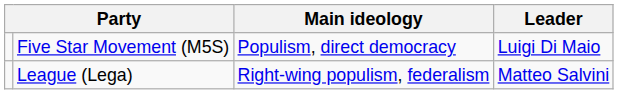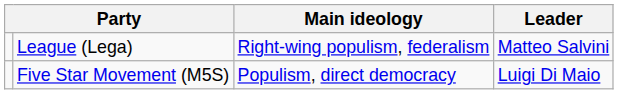 <table class="wikitable" style="font-size:95%">
 <tr>
 <th colspan=2>Party</th>
 <th>Main ideology</th>
 <th>Leader</th>
 </tr>
 <tr>
 <td style="color:inherit;background:"></td>
+<td><a href='#'>League</a> (Lega)</td>
+<td><a href='#'>Right-wing populism</a>, <a href='#'>federalism</a></td>
+<td><a href='#'>Matteo Salvini</a></td>
+</tr>
+<tr>
+<td style="color:inherit;background:"></td>
 <td><a href='#'>Five Star Movement</a> (M5S)</td>
 <td><a href='#'>Populism</a>, <a href='#'>direct democracy</a></td>
 <td><a href='#'>Luigi Di Maio</a></td>
 </tr>
-<tr>
-<td style="color:inherit;background:"></td>
-<td><a href='#'>League</a> (Lega)</td>
-<td><a href='#'>Right-wing populism</a>, <a href='#'>federalism</a></td>
-<td><a href='#'>Matteo Salvini</a></td>
-</tr>
 </table>
